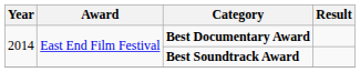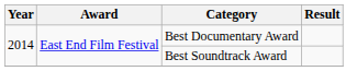 <table class="wikitable sortable">
 <tr>
 <th>Year</th>
 <th>Award</th>
 <th>Category</th>
 <th>Result</th>
 </tr>
 <tr>
 <td rowspan="2">2014</td>
 <td rowspan="2"><a href='#'>East End Film Festival</a></td>
-<td><strong>Best Documentary Award</strong></td>
+<td>Best Documentary Award</td>
 <td></td>
 </tr>
 <tr>
-<td><strong>Best Soundtrack Award</strong></td>
+<td>Best Soundtrack Award</td>
 <td></td>
 </tr>
 <tr>
 </tr>
 </table>
